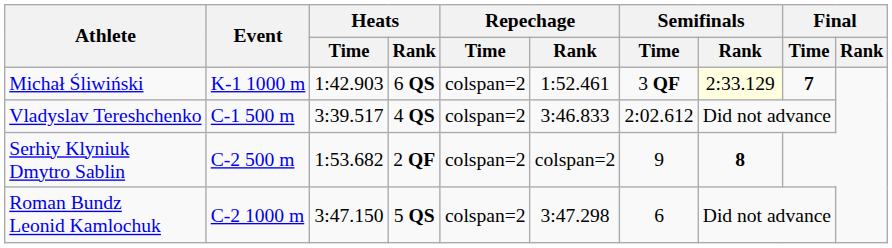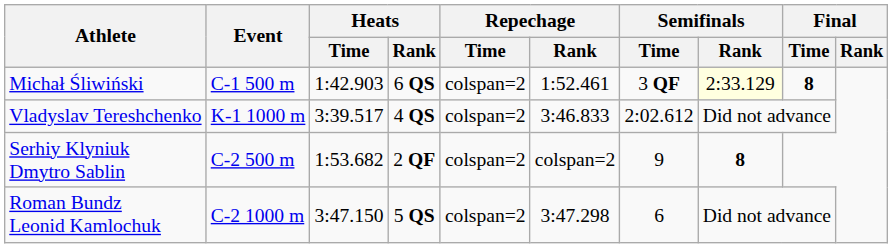 <table class=wikitable style="font-size:90%">
 <tr>
 <th rowspan="2">Athlete</th>
 <th rowspan="2">Event</th>
 <th colspan="2">Heats</th>
 <th colspan="2">Repechage</th>
 <th colspan="2">Semifinals</th>
 <th colspan="2">Final</th>
 </tr>
 <tr style="font-size:95%">
 <th>Time</th>
 <th>Rank</th>
 <th>Time</th>
 <th>Rank</th>
 <th>Time</th>
 <th>Rank</th>
 <th>Time</th>
 <th>Rank</th>
 </tr>
 <tr align=center>
 <td align=left><a href='#'>Michał Śliwiński</a></td>
-<td align=left><a href='#'>K-1 1000 m</a></td>
+<td align=left><a href='#'>C-1 500 m</a></td>
 <td>1:42.903</td>
 <td>6 <strong>QS</strong></td>
 <td>colspan=2 </td>
 <td>1:52.461</td>
 <td>3 <strong>QF</strong></td>
 <td style="background: lightyellow;">2:33.129</td>
-<td><strong>7</strong></td>
+<td><strong>8</strong></td>
 </tr>
 <tr align=center>
 <td align=left><a href='#'>Vladyslav Tereshchenko</a></td>
-<td align=left><a href='#'>C-1 500 m</a></td>
+<td align=left><a href='#'>K-1 1000 m</a></td>
 <td>3:39.517</td>
 <td>4 <strong>QS</strong></td>
 <td>colspan=2 </td>
 <td>3:46.833</td>
 <td>2:02.612</td>
 <td colspan=2>Did not advance</td>
 </tr>
 <tr align=center>
 <td align=left><a href='#'>Serhiy Klyniuk</a> <br><a href='#'>Dmytro Sablin</a></td>
 <td align=left><a href='#'>C-2 500 m</a></td>
 <td>1:53.682</td>
 <td>2 <strong>QF</strong></td>
 <td>colspan=2 </td>
 <td>colspan=2 </td>
 <td>9</td>
 <td><strong>8</strong></td>
 </tr>
 <tr align=center>
 <td align=left><a href='#'>Roman Bundz</a> <br><a href='#'>Leonid Kamlochuk</a></td>
 <td align=left><a href='#'>C-2 1000 m</a></td>
 <td>3:47.150</td>
 <td>5 <strong>QS</strong></td>
 <td>colspan=2 </td>
 <td>3:47.298</td>
 <td>6</td>
 <td colspan=2>Did not advance</td>
 </tr>
 </table>
